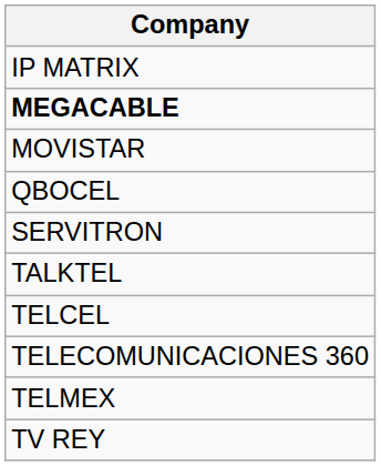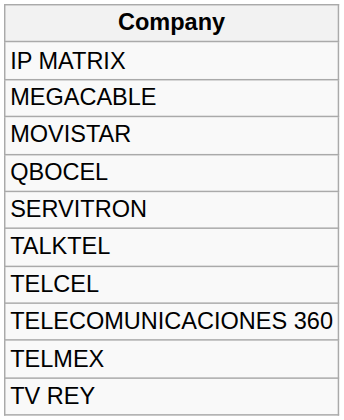 <table class="wikitable">
 <tr>
 <th>Company</th>
 </tr>
 <tr>
 <td>IP MATRIX</td>
 </tr>
 <tr>
-<td><strong>MEGACABLE</strong></td>
+<td>MEGACABLE</td>
 </tr>
 <tr>
 <td>MOVISTAR</td>
 </tr>
 <tr>
 <td>QBOCEL</td>
 </tr>
 <tr>
 <td>SERVITRON</td>
 </tr>
 <tr>
 <td>TALKTEL</td>
 </tr>
 <tr>
 <td>TELCEL</td>
 </tr>
 <tr>
 <td>TELECOMUNICACIONES 360</td>
 </tr>
 <tr>
 <td>TELMEX</td>
 </tr>
 <tr>
 <td>TV REY</td>
 </tr>
 </table>
